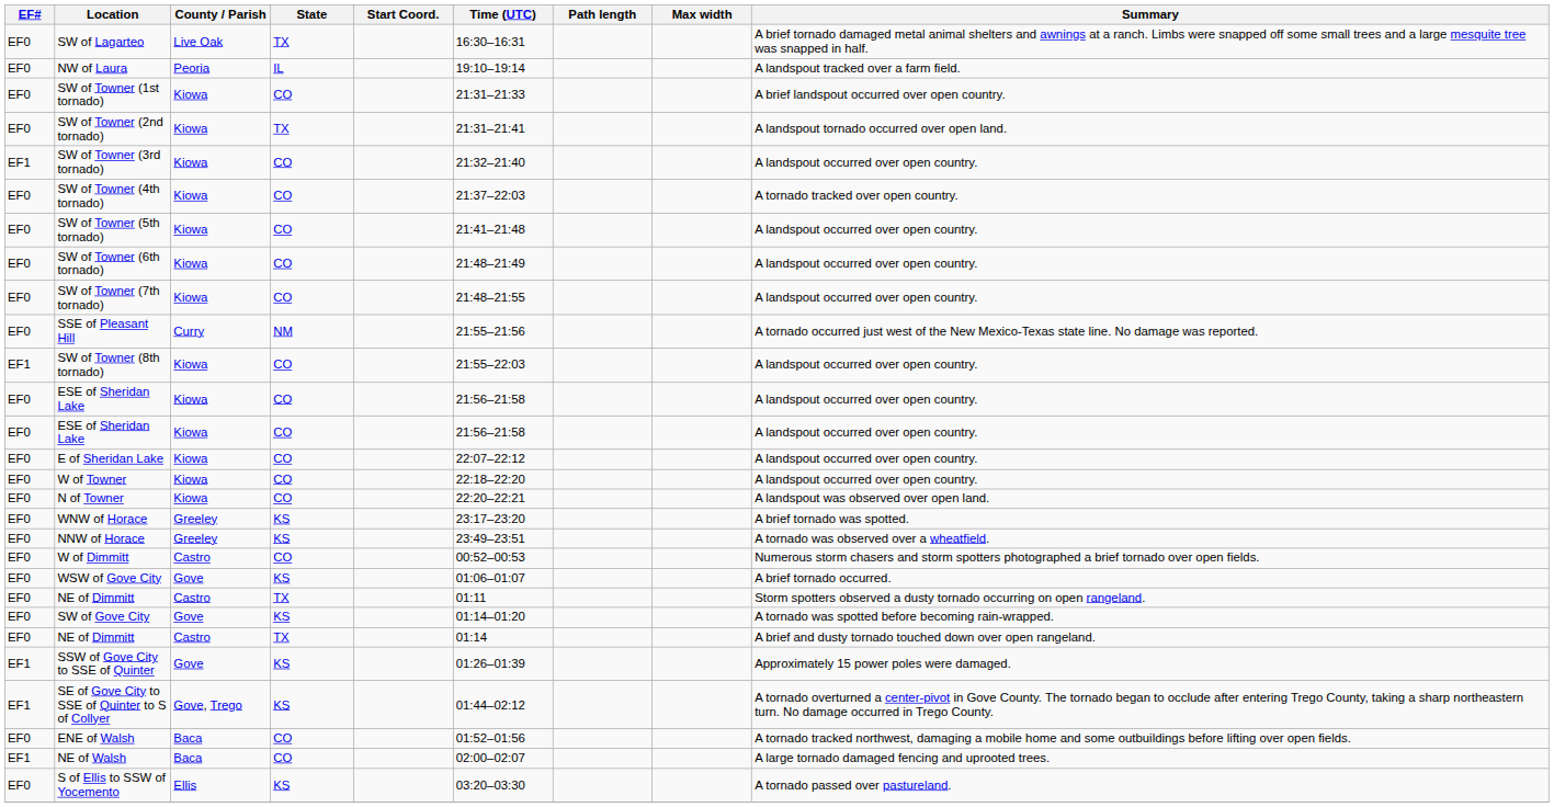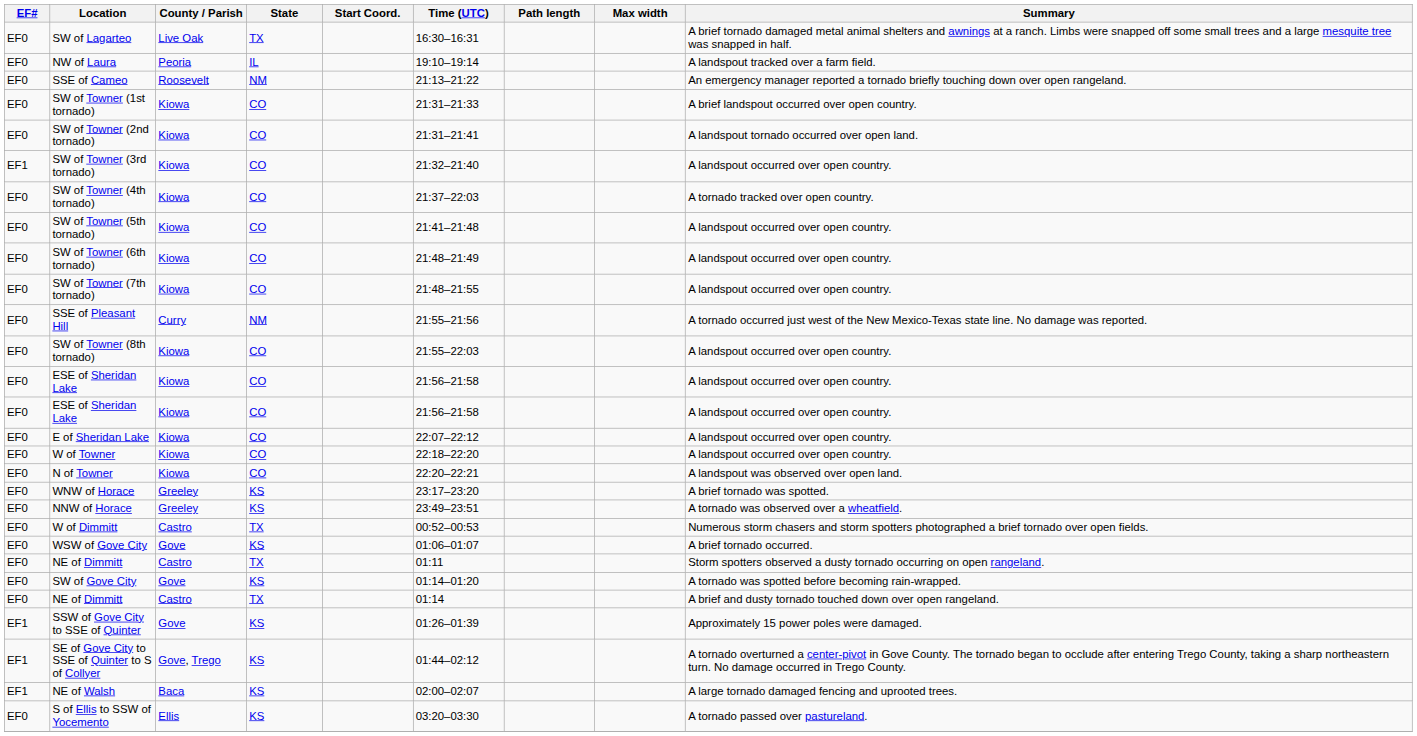 <table class="wikitable sortable" style="width:100%;">
 <tr>
 <th scope="col"  style="width:3%; text-align:center;"><a href='#'>EF#</a></th>
 <th scope="col"  style="width:7%; text-align:center;" class="unsortable">Location</th>
 <th scope="col"  style="width:6%; text-align:center;" class="unsortable">County / Parish</th>
 <th scope="col"  style="width:5%; text-align:center;">State</th>
 <th scope="col"  style="width:6%; text-align:center;">Start Coord.</th>
 <th scope="col"  style="width:6%; text-align:center;">Time (<a href='#'>UTC</a>)</th>
 <th scope="col"  style="width:6%; text-align:center;">Path length</th>
 <th scope="col"  style="width:6%; text-align:center;">Max width</th>
 <th scope="col" class="unsortable" style="width:48%; text-align:center;">Summary</th>
 </tr>
 <tr>
 <td>EF0</td>
 <td>SW of <a href='#'>Lagarteo</a></td>
 <td><a href='#'>Live Oak</a></td>
 <td><a href='#'>TX</a></td>
 <td></td>
 <td>16:30–16:31</td>
 <td></td>
 <td></td>
 <td>A brief tornado damaged metal animal shelters and <a href='#'>awnings</a> at a ranch. Limbs were snapped off some small trees and a large <a href='#'>mesquite tree</a> was snapped in half.</td>
 </tr>
 <tr>
 <td>EF0</td>
 <td>NW of <a href='#'>Laura</a></td>
 <td><a href='#'>Peoria</a></td>
 <td><a href='#'>IL</a></td>
 <td></td>
 <td>19:10–19:14</td>
 <td></td>
 <td></td>
 <td>A landspout tracked over a farm field.</td>
 </tr>
 <tr>
 <td>EF0</td>
+<td>SSE of <a href='#'>Cameo</a></td>
+<td><a href='#'>Roosevelt</a></td>
+<td><a href='#'>NM</a></td>
+<td></td>
+<td>21:13–21:22</td>
+<td></td>
+<td></td>
+<td>An emergency manager reported a tornado briefly touching down over open rangeland.</td>
+</tr>
+<tr>
+<td>EF0</td>
 <td>SW of <a href='#'>Towner</a> (1st tornado)</td>
 <td><a href='#'>Kiowa</a></td>
 <td><a href='#'>CO</a></td>
 <td></td>
 <td>21:31–21:33</td>
 <td></td>
 <td></td>
 <td>A brief landspout occurred over open country.</td>
 </tr>
 <tr>
 <td>EF0</td>
 <td>SW of <a href='#'>Towner</a> (2nd tornado)</td>
 <td><a href='#'>Kiowa</a></td>
-<td><a href='#'>TX</a></td>
+<td><a href='#'>CO</a></td>
 <td></td>
 <td>21:31–21:41</td>
 <td></td>
 <td></td>
 <td>A landspout tornado occurred over open land.</td>
 </tr>
 <tr>
 <td>EF1</td>
 <td>SW of <a href='#'>Towner</a> (3rd tornado)</td>
 <td><a href='#'>Kiowa</a></td>
 <td><a href='#'>CO</a></td>
 <td></td>
 <td>21:32–21:40</td>
 <td></td>
 <td></td>
 <td>A landspout occurred over open country.</td>
 </tr>
 <tr>
 <td>EF0</td>
 <td>SW of <a href='#'>Towner</a> (4th tornado)</td>
 <td><a href='#'>Kiowa</a></td>
 <td><a href='#'>CO</a></td>
 <td></td>
 <td>21:37–22:03</td>
 <td></td>
 <td></td>
 <td>A tornado tracked over open country.</td>
 </tr>
 <tr>
 <td>EF0</td>
 <td>SW of <a href='#'>Towner</a> (5th tornado)</td>
 <td><a href='#'>Kiowa</a></td>
 <td><a href='#'>CO</a></td>
 <td></td>
 <td>21:41–21:48</td>
 <td></td>
 <td></td>
 <td>A landspout occurred over open country.</td>
 </tr>
 <tr>
 <td>EF0</td>
 <td>SW of <a href='#'>Towner</a> (6th tornado)</td>
 <td><a href='#'>Kiowa</a></td>
 <td><a href='#'>CO</a></td>
 <td></td>
 <td>21:48–21:49</td>
 <td></td>
 <td></td>
 <td>A landspout occurred over open country.</td>
 </tr>
 <tr>
 <td>EF0</td>
 <td>SW of <a href='#'>Towner</a> (7th tornado)</td>
 <td><a href='#'>Kiowa</a></td>
 <td><a href='#'>CO</a></td>
 <td></td>
 <td>21:48–21:55</td>
 <td></td>
 <td></td>
 <td>A landspout occurred over open country.</td>
 </tr>
 <tr>
 <td>EF0</td>
 <td>SSE of <a href='#'>Pleasant Hill</a></td>
 <td><a href='#'>Curry</a></td>
 <td><a href='#'>NM</a></td>
 <td></td>
 <td>21:55–21:56</td>
 <td></td>
 <td></td>
 <td>A tornado occurred just west of the New Mexico-Texas state line. No damage was reported.</td>
 </tr>
 <tr>
-<td>EF1</td>
+<td>EF0</td>
 <td>SW of <a href='#'>Towner</a> (8th tornado)</td>
 <td><a href='#'>Kiowa</a></td>
 <td><a href='#'>CO</a></td>
 <td></td>
 <td>21:55–22:03</td>
 <td></td>
 <td></td>
 <td>A landspout occurred over open country.</td>
 </tr>
 <tr>
 <td>EF0</td>
 <td>ESE of <a href='#'>Sheridan Lake</a></td>
 <td><a href='#'>Kiowa</a></td>
 <td><a href='#'>CO</a></td>
 <td></td>
 <td>21:56–21:58</td>
 <td></td>
 <td></td>
 <td>A landspout occurred over open country.</td>
 </tr>
 <tr>
 <td>EF0</td>
 <td>ESE of <a href='#'>Sheridan Lake</a></td>
 <td><a href='#'>Kiowa</a></td>
 <td><a href='#'>CO</a></td>
 <td></td>
 <td>21:56–21:58</td>
 <td></td>
 <td></td>
 <td>A landspout occurred over open country.</td>
 </tr>
 <tr>
 <td>EF0</td>
 <td>E of <a href='#'>Sheridan Lake</a></td>
 <td><a href='#'>Kiowa</a></td>
 <td><a href='#'>CO</a></td>
 <td></td>
 <td>22:07–22:12</td>
 <td></td>
 <td></td>
 <td>A landspout occurred over open country.</td>
 </tr>
 <tr>
 <td>EF0</td>
 <td>W of <a href='#'>Towner</a></td>
 <td><a href='#'>Kiowa</a></td>
 <td><a href='#'>CO</a></td>
 <td></td>
 <td>22:18–22:20</td>
 <td></td>
 <td></td>
 <td>A landspout occurred over open country.</td>
 </tr>
 <tr>
 <td>EF0</td>
 <td>N of <a href='#'>Towner</a></td>
 <td><a href='#'>Kiowa</a></td>
 <td><a href='#'>CO</a></td>
 <td></td>
 <td>22:20–22:21</td>
 <td></td>
 <td></td>
 <td>A landspout was observed over open land.</td>
 </tr>
 <tr>
 <td>EF0</td>
 <td>WNW of <a href='#'>Horace</a></td>
 <td><a href='#'>Greeley</a></td>
 <td><a href='#'>KS</a></td>
 <td></td>
 <td>23:17–23:20</td>
 <td></td>
 <td></td>
 <td>A brief tornado was spotted.</td>
 </tr>
 <tr>
 <td>EF0</td>
 <td>NNW of <a href='#'>Horace</a></td>
 <td><a href='#'>Greeley</a></td>
 <td><a href='#'>KS</a></td>
 <td></td>
 <td>23:49–23:51</td>
 <td></td>
 <td></td>
 <td>A tornado was observed over a <a href='#'>wheatfield</a>.</td>
 </tr>
 <tr>
 <td>EF0</td>
 <td>W of <a href='#'>Dimmitt</a></td>
 <td><a href='#'>Castro</a></td>
-<td><a href='#'>CO</a></td>
+<td><a href='#'>TX</a></td>
 <td></td>
 <td>00:52–00:53</td>
 <td></td>
 <td></td>
 <td>Numerous storm chasers and storm spotters photographed a brief tornado over open fields.</td>
 </tr>
 <tr>
 <td>EF0</td>
 <td>WSW of <a href='#'>Gove City</a></td>
 <td><a href='#'>Gove</a></td>
 <td><a href='#'>KS</a></td>
 <td></td>
 <td>01:06–01:07</td>
 <td></td>
 <td></td>
 <td>A brief tornado occurred.</td>
 </tr>
 <tr>
 <td>EF0</td>
 <td>NE of <a href='#'>Dimmitt</a></td>
 <td><a href='#'>Castro</a></td>
 <td><a href='#'>TX</a></td>
 <td></td>
 <td>01:11</td>
 <td></td>
 <td></td>
 <td>Storm spotters observed a dusty tornado occurring on open <a href='#'>rangeland</a>.</td>
 </tr>
 <tr>
 <td>EF0</td>
 <td>SW of <a href='#'>Gove City</a></td>
 <td><a href='#'>Gove</a></td>
 <td><a href='#'>KS</a></td>
 <td></td>
 <td>01:14–01:20</td>
 <td></td>
 <td></td>
 <td>A tornado was spotted before becoming rain-wrapped.</td>
 </tr>
 <tr>
 <td>EF0</td>
 <td>NE of <a href='#'>Dimmitt</a></td>
 <td><a href='#'>Castro</a></td>
 <td><a href='#'>TX</a></td>
 <td></td>
 <td>01:14</td>
 <td></td>
 <td></td>
 <td>A brief and dusty tornado touched down over open rangeland.</td>
 </tr>
 <tr>
 <td>EF1</td>
 <td>SSW of <a href='#'>Gove City</a> to SSE of <a href='#'>Quinter</a></td>
 <td><a href='#'>Gove</a></td>
 <td><a href='#'>KS</a></td>
 <td></td>
 <td>01:26–01:39</td>
 <td></td>
 <td></td>
 <td>Approximately 15 power poles were damaged.</td>
 </tr>
 <tr>
 <td>EF1</td>
 <td>SE of <a href='#'>Gove City</a> to SSE of <a href='#'>Quinter</a> to S of <a href='#'>Collyer</a></td>
 <td><a href='#'>Gove</a>, <a href='#'>Trego</a></td>
 <td><a href='#'>KS</a></td>
 <td></td>
 <td>01:44–02:12</td>
 <td></td>
 <td></td>
 <td>A tornado overturned a <a href='#'>center-pivot</a> in Gove County. The tornado began to occlude after entering Trego County, taking a sharp northeastern turn. No damage occurred in Trego County.</td>
 </tr>
 <tr>
-<td>EF0</td>
-<td>ENE of <a href='#'>Walsh</a></td>
-<td><a href='#'>Baca</a></td>
-<td><a href='#'>CO</a></td>
-<td></td>
-<td>01:52–01:56</td>
-<td></td>
-<td></td>
-<td>A tornado tracked northwest, damaging a mobile home and some outbuildings before lifting over open fields.</td>
-</tr>
-<tr>
 <td>EF1</td>
 <td>NE of <a href='#'>Walsh</a></td>
 <td><a href='#'>Baca</a></td>
-<td><a href='#'>CO</a></td>
+<td><a href='#'>KS</a></td>
 <td></td>
 <td>02:00–02:07</td>
 <td></td>
 <td></td>
 <td>A large tornado damaged fencing and uprooted trees.</td>
 </tr>
 <tr>
 <td>EF0</td>
 <td>S of <a href='#'>Ellis</a> to SSW of <a href='#'>Yocemento</a></td>
 <td><a href='#'>Ellis</a></td>
 <td><a href='#'>KS</a></td>
 <td></td>
 <td>03:20–03:30</td>
 <td></td>
 <td></td>
 <td>A tornado passed over <a href='#'>pastureland</a>.</td>
 </tr>
 <tr>
 </tr>
 </table>
